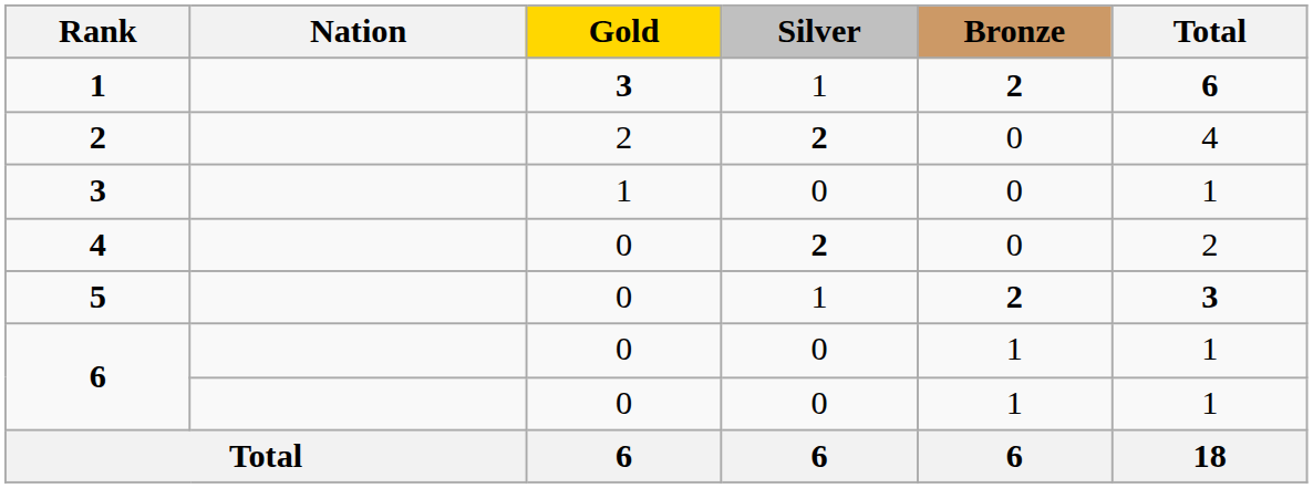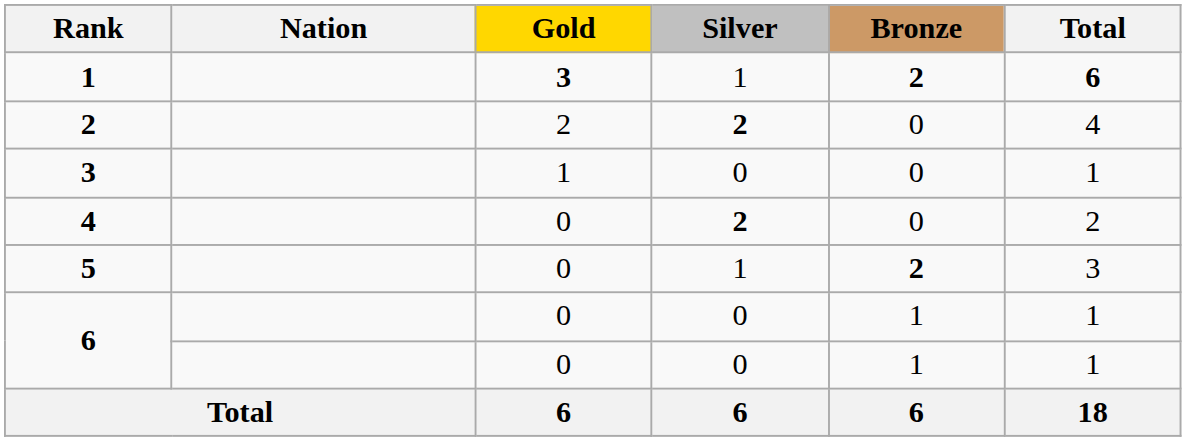 <table class="wikitable collapsible autocollapse plainrowheaders" width=70.5% style="text-align:center;">
 <tr style="background-color:#EDEDED;">
 <th width=100px class="hintergrundfarbe5">Rank</th>
 <th width=200px class="hintergrundfarbe6">Nation</th>
 <th style="background:    gold; width:15%">Gold</th>
 <th style="background:  silver; width:15%">Silver</th>
 <th style="background: #CC9966; width:15%">Bronze</th>
 <th class="hintergrundfarbe6" style="width:15%">Total</th>
 </tr>
 <tr>
 <td><strong>1</strong></td>
 <td align=left></td>
 <td><strong>3</strong></td>
 <td>1</td>
 <td><strong>2</strong></td>
 <td><strong>6</strong></td>
 </tr>
 <tr>
 <td><strong>2</strong></td>
 <td align=left></td>
 <td>2</td>
 <td><strong>2</strong></td>
 <td>0</td>
 <td>4</td>
 </tr>
 <tr>
 <td><strong>3</strong></td>
 <td align=left></td>
 <td>1</td>
 <td>0</td>
 <td>0</td>
 <td>1</td>
 </tr>
 <tr>
 <td><strong>4</strong></td>
 <td align=left></td>
 <td>0</td>
 <td><strong>2</strong></td>
 <td>0</td>
 <td>2</td>
 </tr>
 <tr>
 <td><strong>5</strong></td>
 <td align=left></td>
 <td>0</td>
 <td>1</td>
 <td><strong>2</strong></td>
-<td><strong>3</strong></td>
+<td>3</td>
 </tr>
 <tr>
 <td rowspan=2><strong>6</strong></td>
 <td align=left></td>
 <td>0</td>
 <td>0</td>
 <td>1</td>
 <td>1</td>
 </tr>
 <tr>
 <td align=left></td>
 <td>0</td>
 <td>0</td>
 <td>1</td>
 <td>1</td>
 </tr>
 <tr>
 <th colspan=2>Total</th>
 <th>6</th>
 <th>6</th>
 <th>6</th>
 <th>18</th>
 </tr>
 </table>
